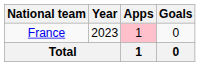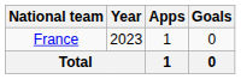 <table class="wikitable" style="text-align:center">
 <tr>
 <th>National team</th>
 <th>Year</th>
 <th>Apps</th>
 <th>Goals</th>
 </tr>
 <tr>
 <td><a href='#'>France</a></td>
 <td>2023</td>
-<td style="background: pink;">1</td>
+<td>1</td>
 <td>0</td>
 </tr>
 <tr>
 <th colspan="2">Total</th>
 <th>1</th>
 <th>0</th>
 </tr>
 </table>
